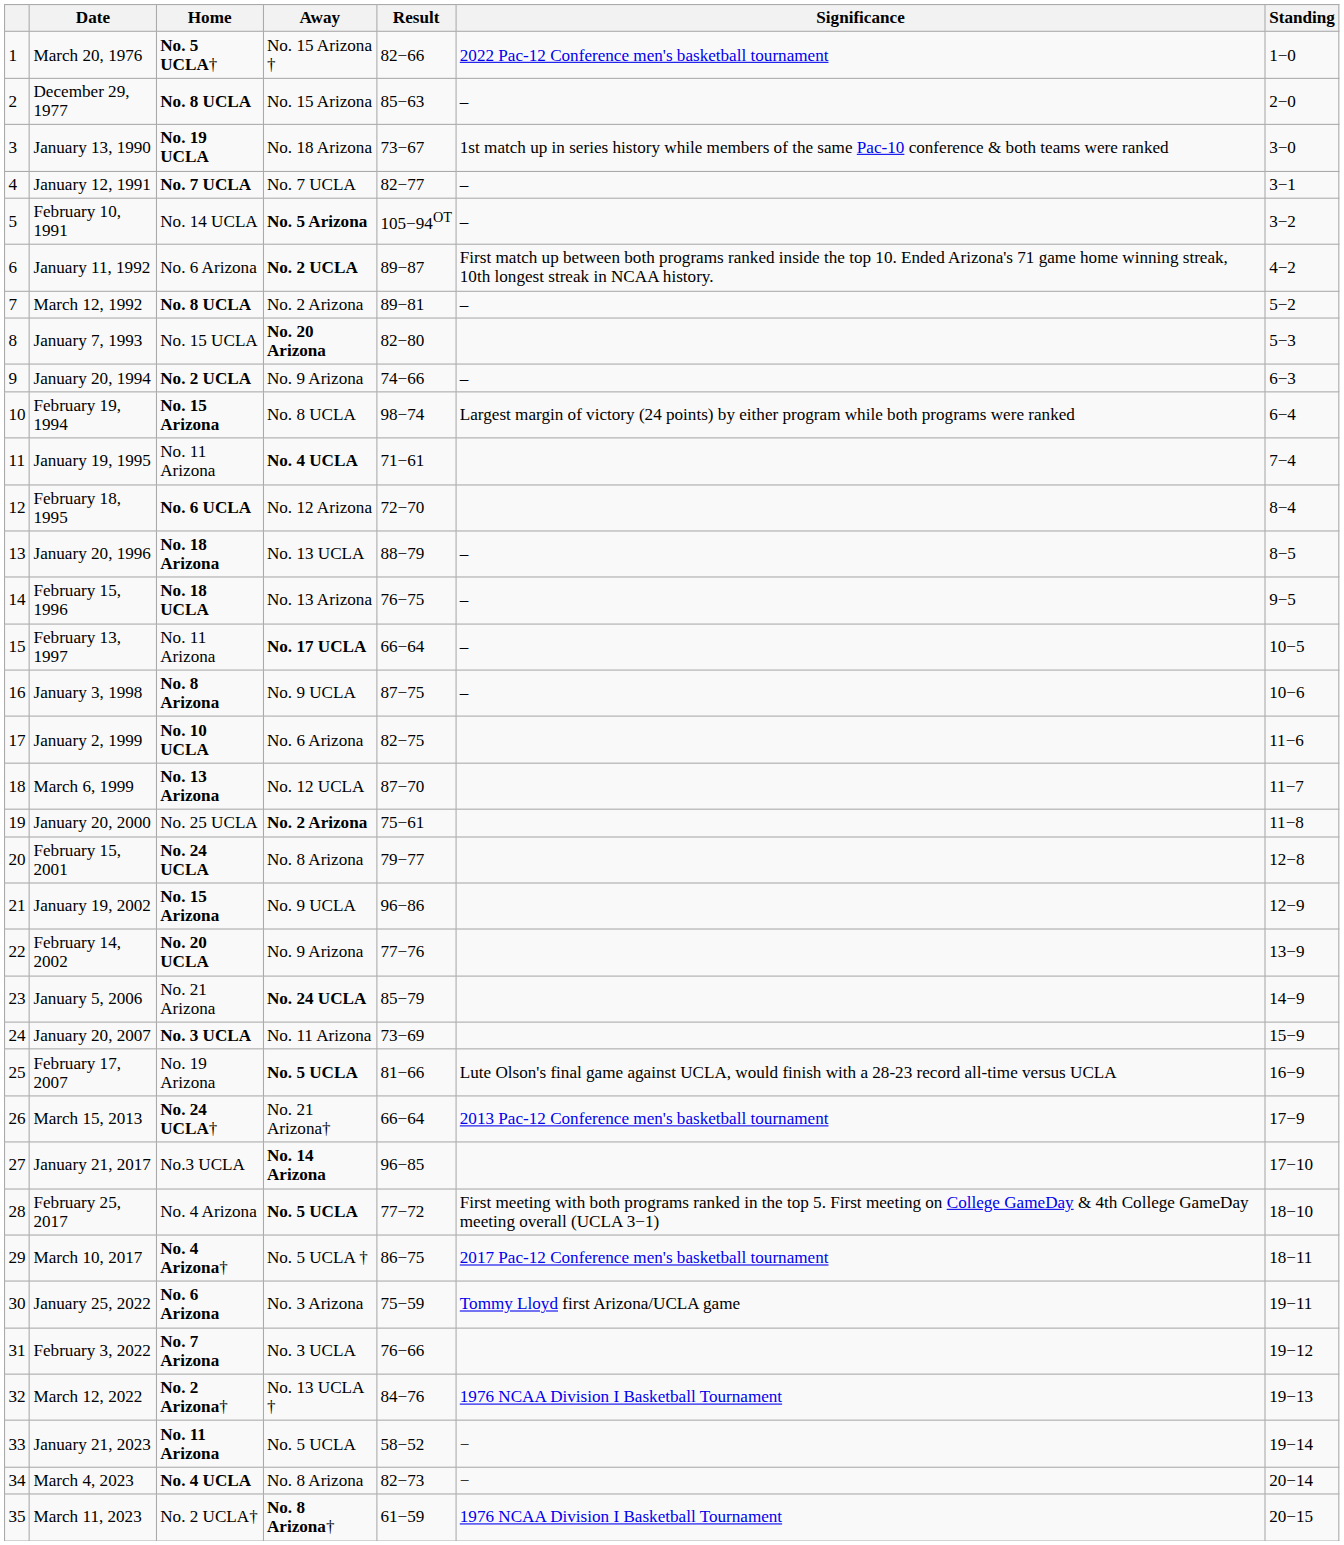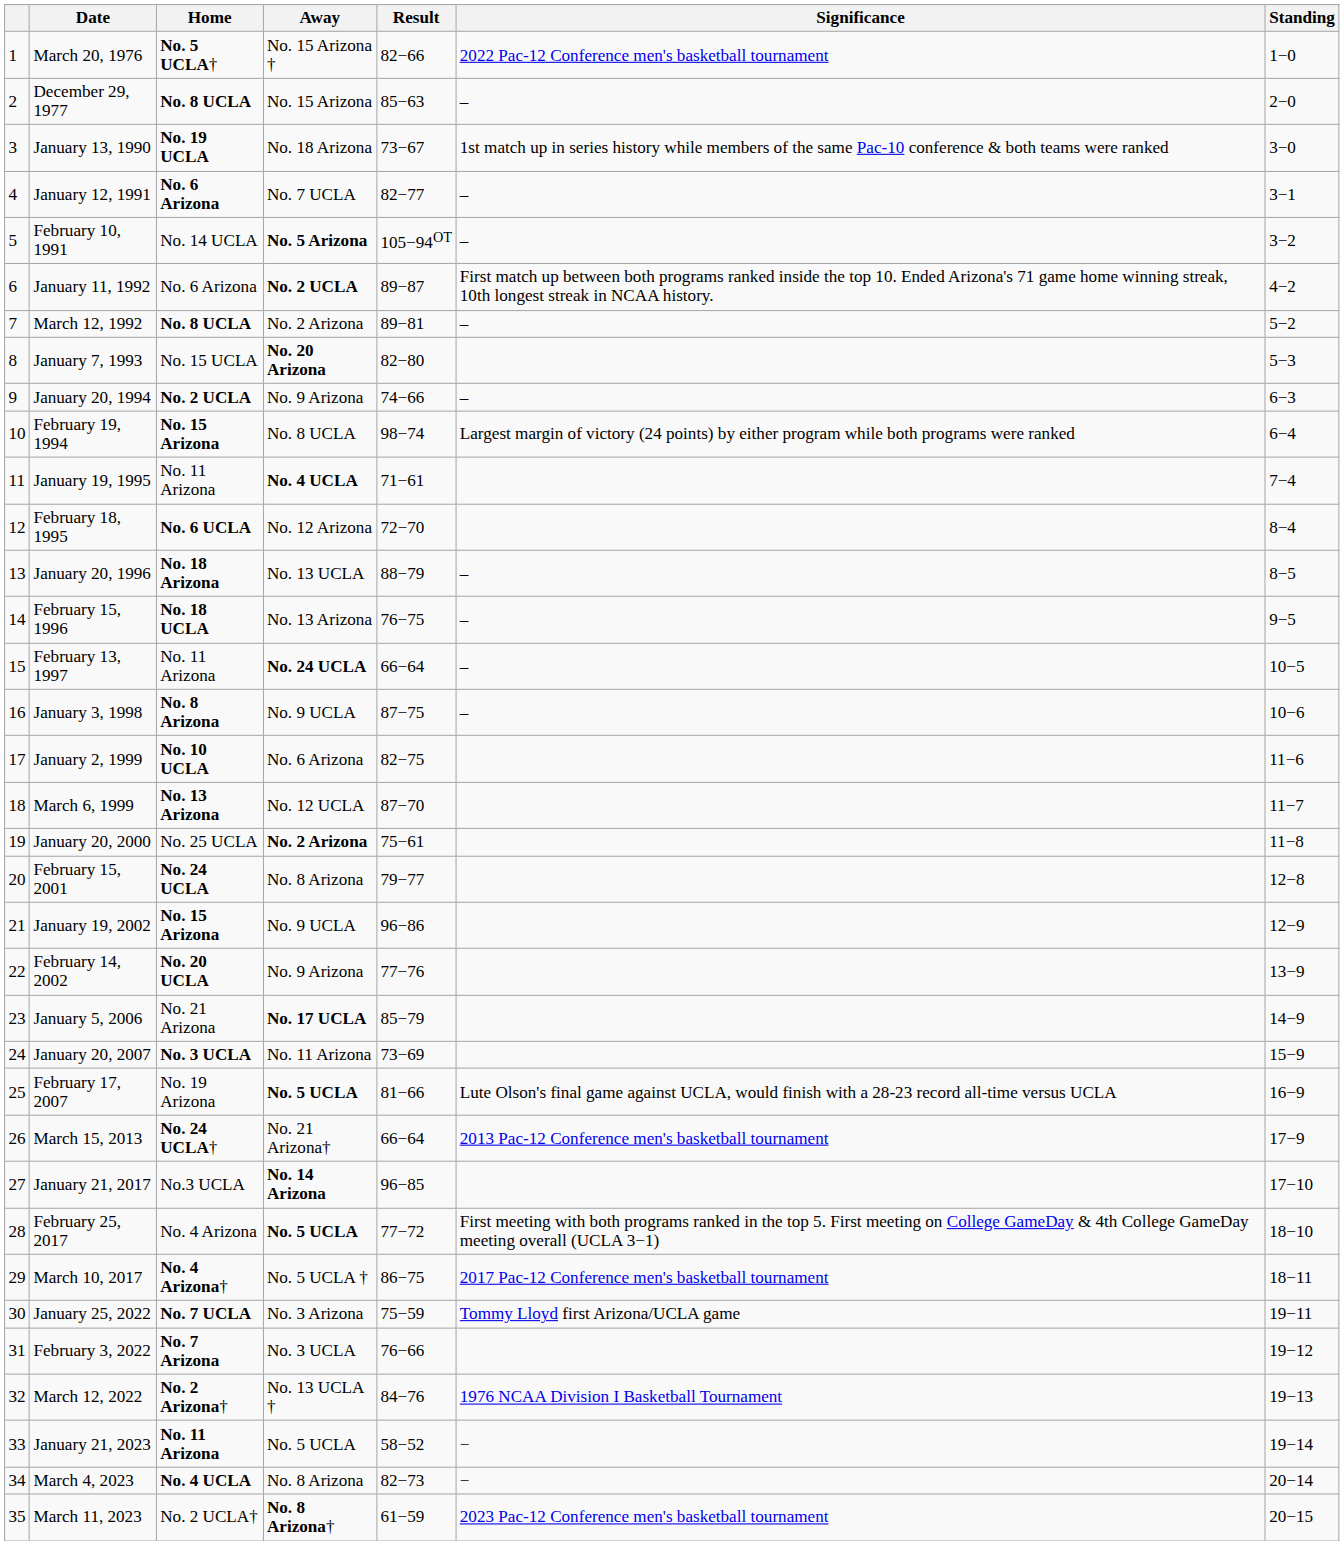 <table class="wikitable sortable">
 <tr>
 <th></th>
 <th>Date</th>
 <th>Home</th>
 <th>Away</th>
 <th>Result</th>
 <th>Significance</th>
 <th>Standing</th>
 </tr>
 <tr>
 <td>1</td>
 <td>March 20, 1976</td>
 <td><strong>No. 5 UCLA</strong>†</td>
 <td>No. 15 Arizona †</td>
 <td>82−66</td>
 <td><a href='#'>2022 Pac-12 Conference men's basketball tournament</a> </td>
 <td>1−0</td>
 </tr>
 <tr>
 <td>2</td>
 <td>December 29, 1977</td>
 <td><strong>No. 8 UCLA</strong></td>
 <td>No. 15 Arizona</td>
 <td>85−63</td>
 <td>–</td>
 <td>2−0</td>
 </tr>
 <tr>
 <td>3</td>
 <td>January 13, 1990</td>
 <td><strong>No. 19 UCLA</strong></td>
 <td>No. 18 Arizona</td>
 <td>73−67</td>
 <td>1st match up in series history while members of the same <a href='#'>Pac-10</a> conference & both teams were ranked </td>
 <td>3−0</td>
 </tr>
 <tr>
 <td>4</td>
 <td>January 12, 1991</td>
-<td><strong>No. 7 UCLA</strong></td>
+<td><strong>No. 6 Arizona</strong></td>
 <td>No. 7 UCLA</td>
 <td>82−77</td>
 <td>–</td>
 <td>3−1</td>
 </tr>
 <tr>
 <td>5</td>
 <td>February 10, 1991</td>
 <td>No. 14 UCLA</td>
 <td><strong>No. 5 Arizona</strong></td>
 <td>105−94<sup>OT</sup></td>
 <td>–</td>
 <td>3−2</td>
 </tr>
 <tr>
 <td>6</td>
 <td>January 11, 1992</td>
 <td>No. 6 Arizona</td>
 <td><strong>No. 2 UCLA</strong></td>
 <td>89−87</td>
 <td>First match up between both programs ranked inside the top 10.  Ended Arizona's 71 game home winning streak, 10th longest streak in NCAA history. </td>
 <td>4−2</td>
 </tr>
 <tr>
 <td>7</td>
 <td>March 12, 1992</td>
 <td><strong>No. 8 UCLA</strong></td>
 <td>No. 2 Arizona</td>
 <td>89−81</td>
 <td>–</td>
 <td>5−2</td>
 </tr>
 <tr>
 <td>8</td>
 <td>January 7, 1993</td>
 <td>No. 15 UCLA</td>
 <td><strong>No. 20 Arizona</strong></td>
 <td>82−80</td>
 <td></td>
 <td>5−3</td>
 </tr>
 <tr>
 <td>9</td>
 <td>January 20, 1994</td>
 <td><strong>No. 2 UCLA</strong></td>
 <td>No. 9 Arizona</td>
 <td>74−66</td>
 <td>–</td>
 <td>6−3</td>
 </tr>
 <tr>
 <td>10</td>
 <td>February 19, 1994</td>
 <td><strong>No. 15 Arizona</strong></td>
 <td>No. 8 UCLA</td>
 <td>98−74</td>
 <td>Largest margin of victory (24 points) by either program while both programs were ranked</td>
 <td>6−4</td>
 </tr>
 <tr>
 <td>11</td>
 <td>January 19, 1995</td>
 <td>No. 11 Arizona</td>
 <td><strong>No. 4 UCLA</strong></td>
 <td>71−61</td>
 <td></td>
 <td>7−4</td>
 </tr>
 <tr>
 <td>12</td>
 <td>February 18, 1995</td>
 <td><strong>No. 6 UCLA</strong></td>
 <td>No. 12 Arizona</td>
 <td>72−70</td>
 <td></td>
 <td>8−4</td>
 </tr>
 <tr>
 <td>13</td>
 <td>January 20, 1996</td>
 <td><strong>No. 18 Arizona</strong></td>
 <td>No. 13 UCLA</td>
 <td>88−79</td>
 <td>–</td>
 <td>8−5</td>
 </tr>
 <tr>
 <td>14</td>
 <td>February 15, 1996</td>
 <td><strong>No. 18 UCLA</strong></td>
 <td>No. 13 Arizona</td>
 <td>76−75</td>
 <td>–</td>
 <td>9−5</td>
 </tr>
 <tr>
 <td>15</td>
 <td>February 13, 1997</td>
 <td>No. 11 Arizona</td>
-<td><strong>No. 17 UCLA</strong></td>
+<td><strong>No. 24 UCLA</strong></td>
 <td>66−64</td>
 <td>–</td>
 <td>10−5</td>
 </tr>
 <tr>
 <td>16</td>
 <td>January 3, 1998</td>
 <td><strong>No. 8 Arizona</strong></td>
 <td>No. 9 UCLA</td>
 <td>87−75</td>
 <td>–</td>
 <td>10−6</td>
 </tr>
 <tr>
 <td>17</td>
 <td>January 2, 1999</td>
 <td><strong>No. 10 UCLA</strong></td>
 <td>No. 6 Arizona</td>
 <td>82−75</td>
 <td></td>
 <td>11−6</td>
 </tr>
 <tr>
 <td>18</td>
 <td>March 6, 1999</td>
 <td><strong>No. 13 Arizona</strong></td>
 <td>No. 12 UCLA</td>
 <td>87−70</td>
 <td></td>
 <td>11−7</td>
 </tr>
 <tr>
 <td>19</td>
 <td>January 20, 2000</td>
 <td>No. 25 UCLA</td>
 <td><strong>No. 2 Arizona</strong></td>
 <td>75−61</td>
 <td></td>
 <td>11−8</td>
 </tr>
 <tr>
 <td>20</td>
 <td>February 15, 2001</td>
 <td><strong>No. 24 UCLA</strong></td>
 <td>No. 8 Arizona</td>
 <td>79−77</td>
 <td></td>
 <td>12−8</td>
 </tr>
 <tr>
 <td>21</td>
 <td>January 19, 2002</td>
 <td><strong>No. 15 Arizona</strong></td>
 <td>No. 9 UCLA</td>
 <td>96−86</td>
 <td></td>
 <td>12−9</td>
 </tr>
 <tr>
 <td>22</td>
 <td>February 14, 2002</td>
 <td><strong>No. 20 UCLA</strong></td>
 <td>No. 9 Arizona</td>
 <td>77−76</td>
 <td></td>
 <td>13−9</td>
 </tr>
 <tr>
 <td>23</td>
 <td>January 5, 2006</td>
 <td>No. 21 Arizona</td>
-<td><strong>No. 24 UCLA</strong></td>
+<td><strong>No. 17 UCLA</strong></td>
 <td>85−79</td>
 <td></td>
 <td>14−9</td>
 </tr>
 <tr>
 <td>24</td>
 <td>January 20, 2007</td>
 <td><strong>No. 3 UCLA</strong></td>
 <td>No. 11 Arizona</td>
 <td>73−69</td>
 <td></td>
 <td>15−9</td>
 </tr>
 <tr>
 <td>25</td>
 <td>February 17, 2007</td>
 <td>No. 19 Arizona</td>
 <td><strong>No. 5 UCLA</strong></td>
 <td>81−66</td>
 <td>Lute Olson's final game against UCLA, would finish with a 28-23 record all-time versus UCLA </td>
 <td>16−9</td>
 </tr>
 <tr>
 <td>26</td>
 <td>March 15, 2013</td>
 <td><strong>No. 24 UCLA</strong>†</td>
 <td>No. 21 Arizona†</td>
 <td>66−64</td>
 <td><a href='#'>2013 Pac-12 Conference men's basketball tournament</a> </td>
 <td>17−9</td>
 </tr>
 <tr>
 <td>27</td>
 <td>January 21, 2017</td>
 <td>No.3 UCLA</td>
 <td><strong>No. 14 Arizona</strong></td>
 <td>96−85</td>
 <td></td>
 <td>17−10</td>
 </tr>
 <tr>
 <td>28</td>
 <td>February 25, 2017</td>
 <td>No. 4 Arizona</td>
 <td><strong>No. 5 UCLA</strong></td>
 <td>77−72</td>
 <td>First meeting with both programs ranked in the top 5. First meeting on <a href='#'>College GameDay</a> & 4th College GameDay meeting overall (UCLA 3−1) </td>
 <td>18−10</td>
 </tr>
 <tr>
 <td>29</td>
 <td>March 10, 2017</td>
 <td><strong>No. 4 Arizona</strong>†</td>
 <td>No. 5 UCLA †</td>
 <td>86−75</td>
 <td><a href='#'>2017 Pac-12 Conference men's basketball tournament</a> </td>
 <td>18−11</td>
 </tr>
 <tr>
 <td>30</td>
 <td>January 25, 2022</td>
-<td><strong>No. 6 Arizona</strong></td>
+<td><strong>No. 7 UCLA</strong></td>
 <td>No. 3 Arizona</td>
 <td>75−59</td>
 <td><a href='#'>Tommy Lloyd</a> first Arizona/UCLA game </td>
 <td>19−11</td>
 </tr>
 <tr>
 <td>31</td>
 <td>February 3, 2022</td>
 <td><strong>No. 7 Arizona</strong></td>
 <td>No. 3 UCLA</td>
 <td>76−66</td>
 <td></td>
 <td>19−12</td>
 </tr>
 <tr>
 <td>32</td>
 <td>March 12, 2022</td>
 <td><strong>No. 2 Arizona</strong>†</td>
 <td>No. 13 UCLA †</td>
 <td>84−76</td>
 <td><a href='#'>1976 NCAA Division I Basketball Tournament</a> </td>
 <td>19−13</td>
 </tr>
 <tr>
 <td>33</td>
 <td>January 21, 2023</td>
 <td><strong>No. 11 Arizona</strong></td>
 <td>No. 5 UCLA</td>
 <td>58−52</td>
 <td>−</td>
 <td>19−14</td>
 </tr>
 <tr>
 <td>34</td>
 <td>March 4, 2023</td>
 <td><strong>No. 4 UCLA</strong></td>
 <td>No. 8 Arizona</td>
 <td>82−73</td>
 <td>−</td>
 <td>20−14</td>
 </tr>
 <tr>
 <td>35</td>
 <td>March 11, 2023</td>
 <td>No. 2 UCLA†</td>
 <td .><strong>No. 8 Arizona</strong>†</td>
 <td>61−59</td>
-<td><a href='#'>1976 NCAA Division I Basketball Tournament</a> </td>
+<td><a href='#'>2023 Pac-12 Conference men's basketball tournament</a></td>
 <td>20−15</td>
 </tr>
 </table>
